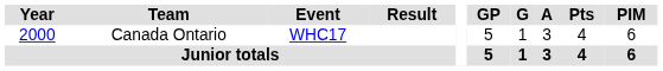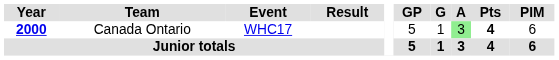 <table border="0" cellpadding="1" cellspacing="0" style="text-align:center; width:40em">
 <tr ALIGN="center" bgcolor="#e0e0e0">
 <th>Year</th>
 <th>Team</th>
 <th>Event</th>
 <th>Result</th>
 <th rowspan="99" bgcolor="#ffffff"> </th>
 <th>GP</th>
 <th>G</th>
 <th>A</th>
 <th>Pts</th>
 <th>PIM</th>
 </tr>
 <tr>
-<td><a href='#'>2000</a></td>
+<td><strong><a href='#'>2000</a></strong></td>
 <td>Canada Ontario</td>
 <td><a href='#'>WHC17</a></td>
 <td></td>
 <td>5</td>
 <td>1</td>
-<td>3</td>
-<td>4</td>
+<td style="background: lightgreen;">3</td>
+<td><strong>4</strong></td>
 <td>6</td>
 </tr>
 <tr bgcolor="#e0e0e0">
 <th colspan="4">Junior totals</th>
 <th>5</th>
 <th>1</th>
 <th>3</th>
 <th>4</th>
 <th>6</th>
 </tr>
 </table>
